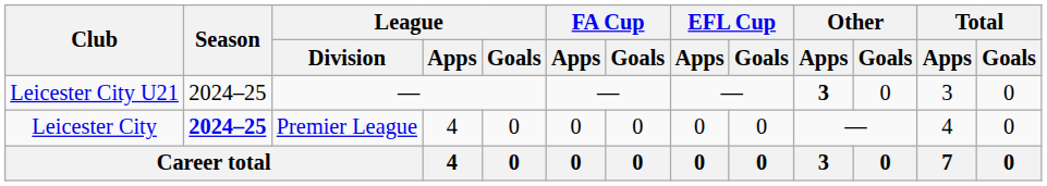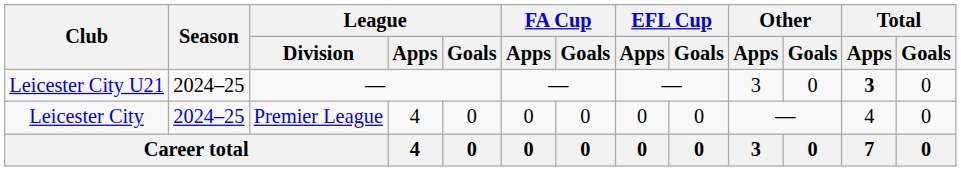 <table class=wikitable style=text-align:center>
 <tr>
 <th rowspan=2>Club</th>
 <th rowspan=2>Season</th>
 <th colspan=3>League</th>
 <th colspan=2><a href='#'>FA Cup</a></th>
 <th colspan=2><a href='#'>EFL Cup</a></th>
 <th colspan=2>Other</th>
 <th colspan=2>Total</th>
 </tr>
 <tr>
 <th>Division</th>
 <th>Apps</th>
 <th>Goals</th>
 <th>Apps</th>
 <th>Goals</th>
 <th>Apps</th>
 <th>Goals</th>
 <th>Apps</th>
 <th>Goals</th>
 <th>Apps</th>
 <th>Goals</th>
 </tr>
 <tr>
 <td><a href='#'>Leicester City U21</a></td>
 <td>2024–25</td>
 <td colspan=3>—</td>
 <td colspan=2>—</td>
 <td colspan=2>—</td>
+<td>3</td>
+<td>0</td>
 <td><strong>3</strong></td>
-<td>0</td>
-<td>3</td>
 <td>0</td>
 </tr>
 <tr>
 <td><a href='#'>Leicester City</a></td>
-<td><strong><a href='#'>2024–25</a></strong></td>
+<td><a href='#'>2024–25</a></td>
 <td><a href='#'>Premier League</a></td>
 <td>4</td>
 <td>0</td>
 <td>0</td>
 <td>0</td>
 <td>0</td>
 <td>0</td>
 <td colspan=2>—</td>
 <td>4</td>
 <td>0</td>
 </tr>
 <tr>
 <th colspan=3>Career total</th>
 <th>4</th>
 <th>0</th>
 <th>0</th>
 <th>0</th>
 <th>0</th>
 <th>0</th>
 <th>3</th>
 <th>0</th>
 <th>7</th>
 <th>0</th>
 </tr>
 </table>
